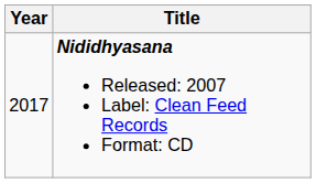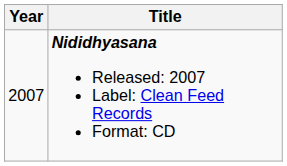 <table class="wikitable">
 <tr>
 <th>Year</th>
 <th style="width:225px;">Title</th>
 </tr>
 <tr>
-<td>2017</td>
+<td>2007</td>
 <td><strong><em>Nididhyasana</em></strong><br><ul><li>Released: 2007</li><li>Label: <a href='#'>Clean Feed Records</a> </li><li>Format: CD</li></ul></td>
 </tr>
 </table>
